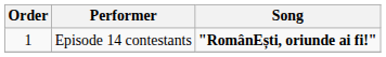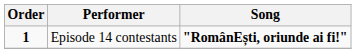 <table class="wikitable" style="text-align:center">
 <tr>
 <th>Order</th>
 <th>Performer</th>
 <th>Song</th>
 </tr>
 <tr>
-<td>1</td>
+<td><strong>1</strong></td>
 <td>Episode 14 contestants</td>
 <td><strong>"RomânEști, oriunde ai fi!"</strong></td>
 </tr>
 <tr>
 </tr>
 </table>
